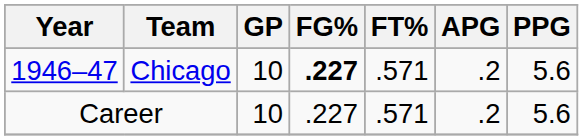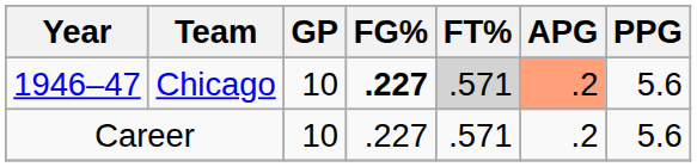 <table class="wikitable sortable" style="font-size:95%; text-align:right;">
 <tr>
 <th>Year</th>
 <th>Team</th>
 <th>GP</th>
 <th>FG%</th>
 <th>FT%</th>
 <th>APG</th>
 <th>PPG</th>
 </tr>
 <tr>
 <td style="text-align:left;"><a href='#'>1946–47</a></td>
 <td style="text-align:left;"><a href='#'>Chicago</a></td>
 <td>10</td>
 <td><strong>.227</strong></td>
-<td>.571</td>
-<td>.2</td>
+<td style="background: lightgrey;">.571</td>
+<td style="background: lightsalmon;">.2</td>
 <td>5.6</td>
 </tr>
 <tr>
 <td style="text-align:center;" colspan="2">Career</td>
 <td>10</td>
 <td>.227</td>
 <td>.571</td>
 <td>.2</td>
 <td>5.6</td>
 </tr>
 <tr>
 </tr>
 </table>
